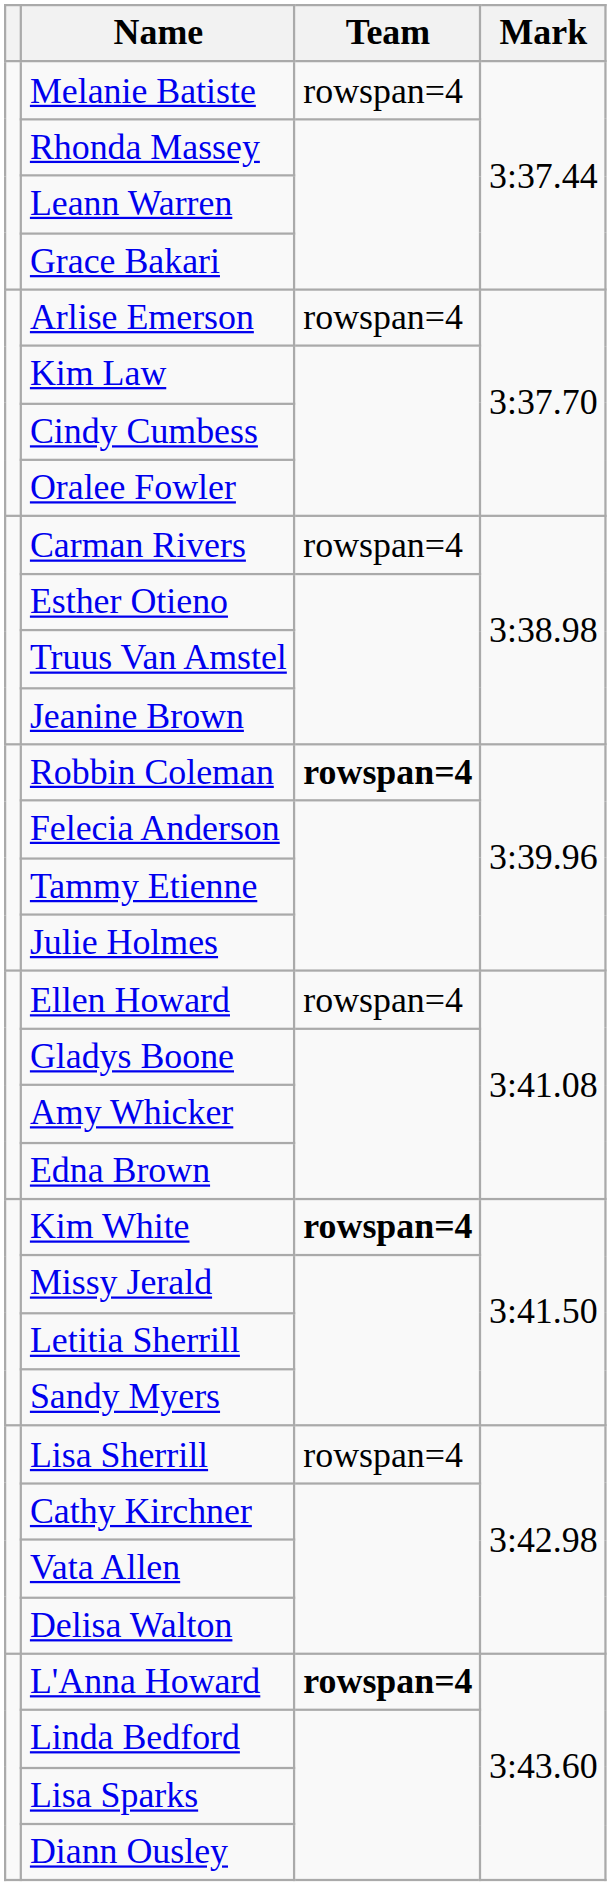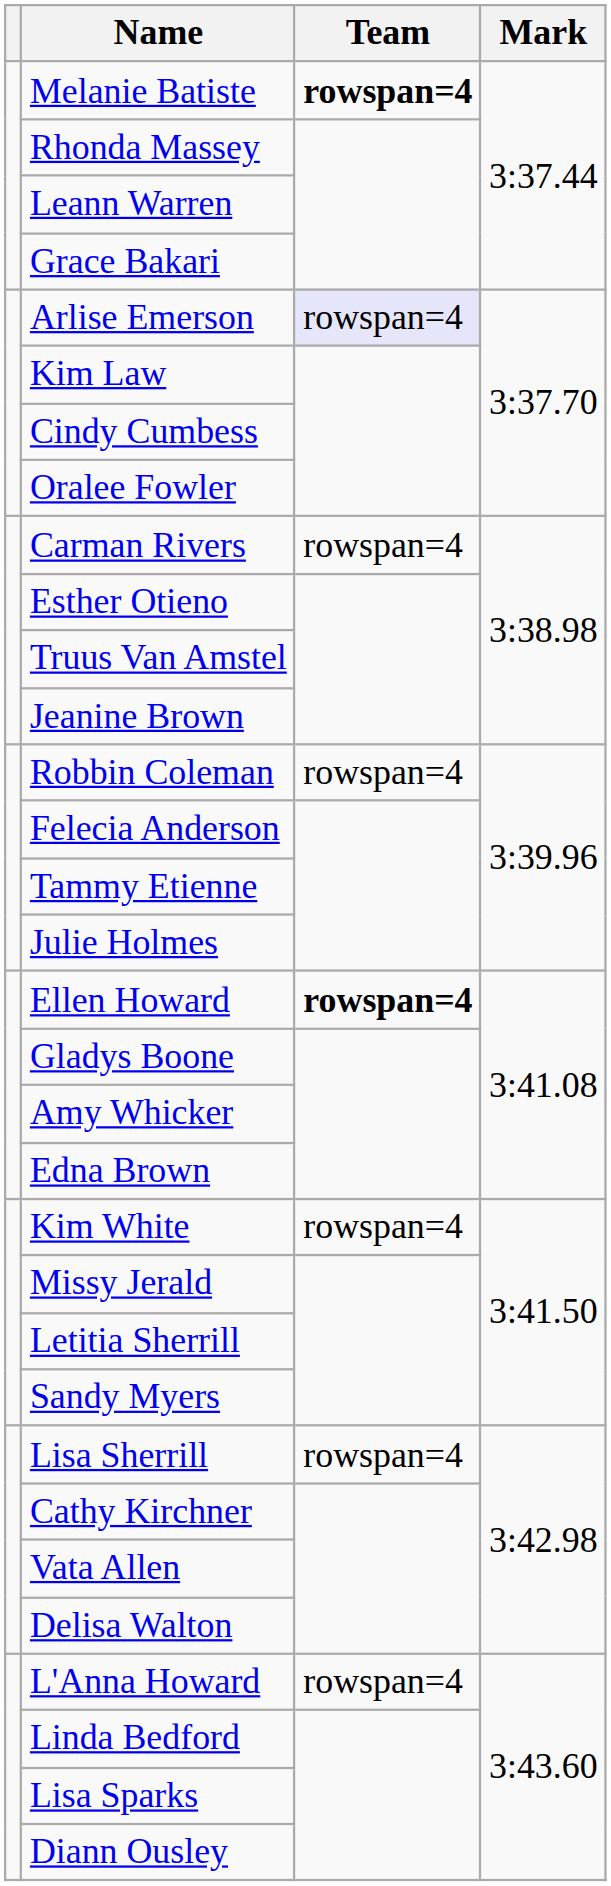 <table class=wikitable>
 <tr>
 <th></th>
 <th>Name</th>
 <th>Team</th>
 <th>Mark</th>
 </tr>
 <tr>
 <td rowspan=4></td>
 <td><a href='#'>Melanie Batiste</a></td>
-<td>rowspan=4 </td>
+<td><strong>rowspan=4 </strong></td>
 <td rowspan=4>3:37.44</td>
 </tr>
 <tr>
 <td><a href='#'>Rhonda Massey</a></td>
 </tr>
 <tr>
 <td><a href='#'>Leann Warren</a></td>
 </tr>
 <tr>
 <td><a href='#'>Grace Bakari</a></td>
 </tr>
 <tr>
 <td rowspan=4></td>
 <td><a href='#'>Arlise Emerson</a></td>
-<td>rowspan=4 </td>
+<td style="background: lavender;">rowspan=4 </td>
 <td rowspan=4>3:37.70</td>
 </tr>
 <tr>
 <td><a href='#'>Kim Law</a></td>
 </tr>
 <tr>
 <td><a href='#'>Cindy Cumbess</a></td>
 </tr>
 <tr>
 <td><a href='#'>Oralee Fowler</a></td>
 </tr>
 <tr>
 <td rowspan=4></td>
 <td><a href='#'>Carman Rivers</a></td>
 <td>rowspan=4 </td>
 <td rowspan=4>3:38.98</td>
 </tr>
 <tr>
 <td><a href='#'>Esther Otieno</a></td>
 </tr>
 <tr>
 <td><a href='#'>Truus Van Amstel</a></td>
 </tr>
 <tr>
 <td><a href='#'>Jeanine Brown</a></td>
 </tr>
 <tr>
 <td rowspan=4></td>
 <td><a href='#'>Robbin Coleman</a></td>
-<td><strong>rowspan=4 </strong></td>
+<td>rowspan=4 </td>
 <td rowspan=4>3:39.96</td>
 </tr>
 <tr>
 <td><a href='#'>Felecia Anderson</a></td>
 </tr>
 <tr>
 <td><a href='#'>Tammy Etienne</a></td>
 </tr>
 <tr>
 <td><a href='#'>Julie Holmes</a></td>
 </tr>
 <tr>
 <td rowspan=4></td>
 <td><a href='#'>Ellen Howard</a></td>
-<td>rowspan=4 </td>
+<td><strong>rowspan=4 </strong></td>
 <td rowspan=4>3:41.08</td>
 </tr>
 <tr>
 <td><a href='#'>Gladys Boone</a></td>
 </tr>
 <tr>
 <td><a href='#'>Amy Whicker</a></td>
 </tr>
 <tr>
 <td><a href='#'>Edna Brown</a></td>
 </tr>
 <tr>
 <td rowspan=4></td>
 <td><a href='#'>Kim White</a></td>
-<td><strong>rowspan=4 </strong></td>
+<td>rowspan=4 </td>
 <td rowspan=4>3:41.50</td>
 </tr>
 <tr>
 <td><a href='#'>Missy Jerald</a></td>
 </tr>
 <tr>
 <td><a href='#'>Letitia Sherrill</a></td>
 </tr>
 <tr>
 <td><a href='#'>Sandy Myers</a></td>
 </tr>
 <tr>
 <td rowspan=4></td>
 <td><a href='#'>Lisa Sherrill</a></td>
 <td>rowspan=4 </td>
 <td rowspan=4>3:42.98</td>
 </tr>
 <tr>
 <td><a href='#'>Cathy Kirchner</a></td>
 </tr>
 <tr>
 <td><a href='#'>Vata Allen</a></td>
 </tr>
 <tr>
 <td><a href='#'>Delisa Walton</a></td>
 </tr>
 <tr>
 <td rowspan=4></td>
 <td><a href='#'>L'Anna Howard</a></td>
-<td><strong>rowspan=4 </strong></td>
+<td>rowspan=4 </td>
 <td rowspan=4>3:43.60</td>
 </tr>
 <tr>
 <td><a href='#'>Linda Bedford</a></td>
 </tr>
 <tr>
 <td><a href='#'>Lisa Sparks</a></td>
 </tr>
 <tr>
 <td><a href='#'>Diann Ousley</a></td>
 </tr>
 </table>
